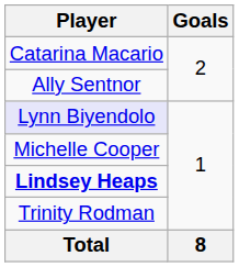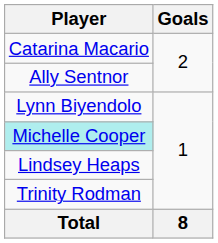 <table class="wikitable sortable" style="text-align: center;">
 <tr>
 <th>Player</th>
 <th>Goals</th>
 </tr>
 <tr>
 <td><a href='#'>Catarina Macario</a></td>
 <td rowspan=2>2</td>
 </tr>
 <tr>
 <td><a href='#'>Ally Sentnor</a></td>
 </tr>
 <tr>
-<td style="background: lavender;"><a href='#'>Lynn Biyendolo</a></td>
+<td><a href='#'>Lynn Biyendolo</a></td>
 <td rowspan=4>1</td>
 </tr>
 <tr>
-<td><a href='#'>Michelle Cooper</a></td>
+<td style="background: paleturquoise;"><a href='#'>Michelle Cooper</a></td>
 </tr>
 <tr>
-<td><strong><a href='#'>Lindsey Heaps</a></strong></td>
+<td><a href='#'>Lindsey Heaps</a></td>
 </tr>
 <tr>
 <td><a href='#'>Trinity Rodman</a></td>
 </tr>
 <tr>
 <th>Total</th>
 <th>8</th>
 </tr>
 </table>
